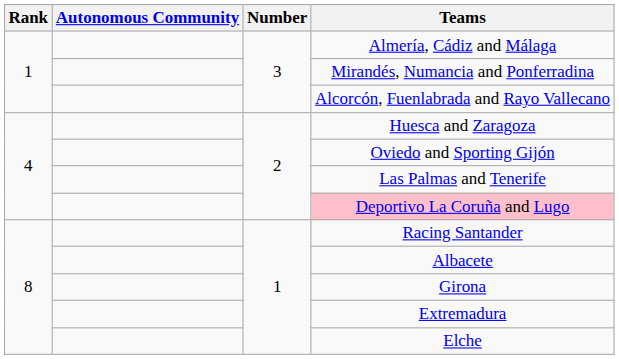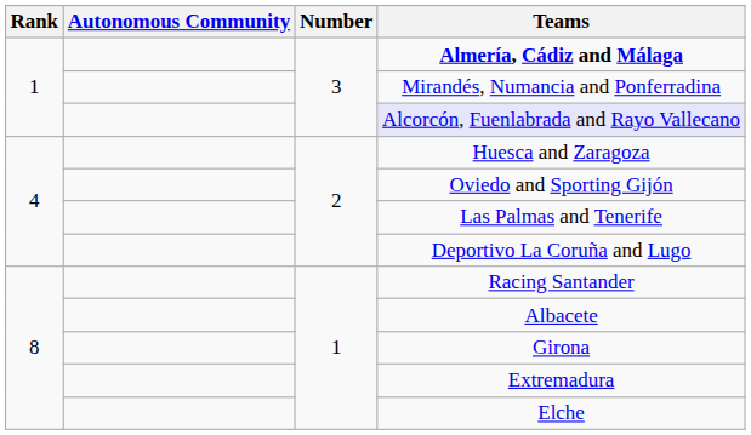 <table class="wikitable">
 <tr>
 <th>Rank</th>
 <th><a href='#'>Autonomous Community</a></th>
 <th>Number</th>
 <th>Teams</th>
 </tr>
 <tr>
 <td rowspan=3 align=center>1</td>
 <td></td>
 <td rowspan=3 align=center>3</td>
-<td align=center><a href='#'>Almería</a>, <a href='#'>Cádiz</a> and <a href='#'>Málaga</a></td>
+<td align=center><strong><a href='#'>Almería</a>, <a href='#'>Cádiz</a> and <a href='#'>Málaga</a></strong></td>
 </tr>
 <tr>
 <td></td>
 <td align=center><a href='#'>Mirandés</a>, <a href='#'>Numancia</a> and <a href='#'>Ponferradina</a></td>
 </tr>
 <tr>
 <td></td>
-<td align=center><a href='#'>Alcorcón</a>, <a href='#'>Fuenlabrada</a> and <a href='#'>Rayo Vallecano</a></td>
+<td align=center style="background: lavender;"><a href='#'>Alcorcón</a>, <a href='#'>Fuenlabrada</a> and <a href='#'>Rayo Vallecano</a></td>
 </tr>
 <tr>
 <td rowspan=4 align=center>4</td>
 <td></td>
 <td rowspan=4 align=center>2</td>
 <td align=center><a href='#'>Huesca</a> and <a href='#'>Zaragoza</a></td>
 </tr>
 <tr>
 <td></td>
 <td align=center><a href='#'>Oviedo</a> and <a href='#'>Sporting Gijón</a></td>
 </tr>
 <tr>
 <td></td>
 <td align=center><a href='#'>Las Palmas</a> and <a href='#'>Tenerife</a></td>
 </tr>
 <tr>
 <td></td>
-<td align=center style="background: pink;"><a href='#'>Deportivo La Coruña</a> and <a href='#'>Lugo</a></td>
+<td align=center><a href='#'>Deportivo La Coruña</a> and <a href='#'>Lugo</a></td>
 </tr>
 <tr>
 <td rowspan=5 align=center>8</td>
 <td></td>
 <td rowspan=5 align=center>1</td>
 <td align=center><a href='#'>Racing Santander</a></td>
 </tr>
 <tr>
 <td></td>
 <td align=center><a href='#'>Albacete</a></td>
 </tr>
 <tr>
 <td></td>
 <td align=center><a href='#'>Girona</a></td>
 </tr>
 <tr>
 <td></td>
 <td align=center><a href='#'>Extremadura</a></td>
 </tr>
 <tr>
 <td></td>
 <td align=center><a href='#'>Elche</a></td>
 </tr>
 </table>
